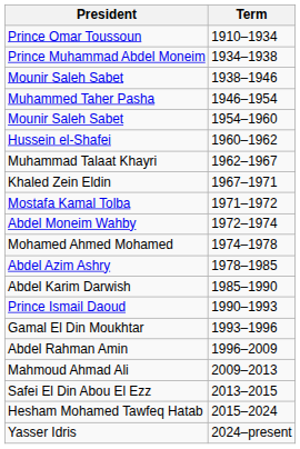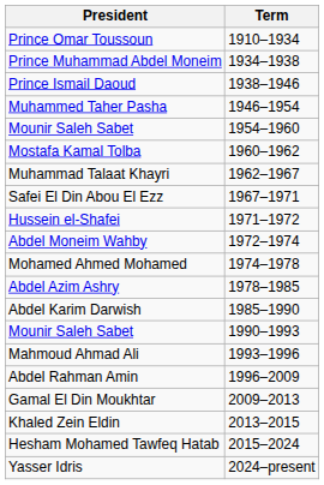 <table class="wikitable">
 <tr>
 <th>President</th>
 <th>Term</th>
 </tr>
 <tr>
 <td><a href='#'>Prince Omar Toussoun</a></td>
 <td>1910–1934</td>
 </tr>
 <tr>
 <td><a href='#'>Prince Muhammad Abdel Moneim</a></td>
 <td>1934–1938</td>
 </tr>
 <tr>
-<td><a href='#'>Mounir Saleh Sabet</a></td>
+<td><a href='#'>Prince Ismail Daoud</a></td>
 <td>1938–1946</td>
 </tr>
 <tr>
 <td><a href='#'>Muhammed Taher Pasha</a></td>
 <td>1946–1954</td>
 </tr>
 <tr>
 <td><a href='#'>Mounir Saleh Sabet</a></td>
 <td>1954–1960</td>
 </tr>
 <tr>
-<td><a href='#'>Hussein el-Shafei</a></td>
+<td><a href='#'>Mostafa Kamal Tolba</a></td>
 <td>1960–1962</td>
 </tr>
 <tr>
 <td>Muhammad Talaat Khayri</td>
 <td>1962–1967</td>
 </tr>
 <tr>
-<td>Khaled Zein Eldin</td>
+<td>Safei El Din Abou El Ezz</td>
 <td>1967–1971</td>
 </tr>
 <tr>
-<td><a href='#'>Mostafa Kamal Tolba</a></td>
+<td><a href='#'>Hussein el-Shafei</a></td>
 <td>1971–1972</td>
 </tr>
 <tr>
 <td><a href='#'>Abdel Moneim Wahby</a></td>
 <td>1972–1974</td>
 </tr>
 <tr>
 <td>Mohamed Ahmed Mohamed</td>
 <td>1974–1978</td>
 </tr>
 <tr>
 <td><a href='#'>Abdel Azim Ashry</a></td>
 <td>1978–1985</td>
 </tr>
 <tr>
 <td>Abdel Karim Darwish</td>
 <td>1985–1990</td>
 </tr>
 <tr>
-<td><a href='#'>Prince Ismail Daoud</a></td>
+<td><a href='#'>Mounir Saleh Sabet</a></td>
 <td>1990–1993</td>
 </tr>
 <tr>
-<td>Gamal El Din Moukhtar</td>
+<td>Mahmoud Ahmad Ali</td>
 <td>1993–1996</td>
 </tr>
 <tr>
 <td>Abdel Rahman Amin</td>
 <td>1996–2009</td>
 </tr>
 <tr>
-<td>Mahmoud Ahmad Ali</td>
+<td>Gamal El Din Moukhtar</td>
 <td>2009–2013</td>
 </tr>
 <tr>
-<td>Safei El Din Abou El Ezz</td>
+<td>Khaled Zein Eldin</td>
 <td>2013–2015</td>
 </tr>
 <tr>
 <td>Hesham Mohamed Tawfeq Hatab</td>
 <td>2015–2024</td>
 </tr>
 <tr>
 <td>Yasser Idris</td>
 <td>2024–present</td>
 </tr>
 </table>
